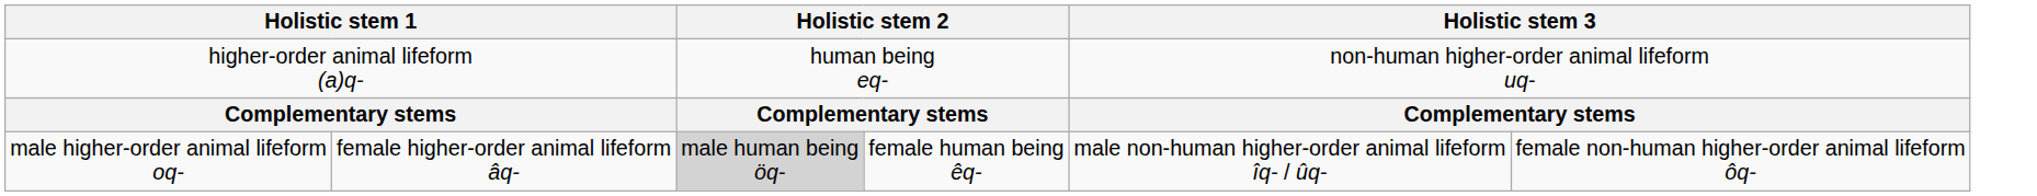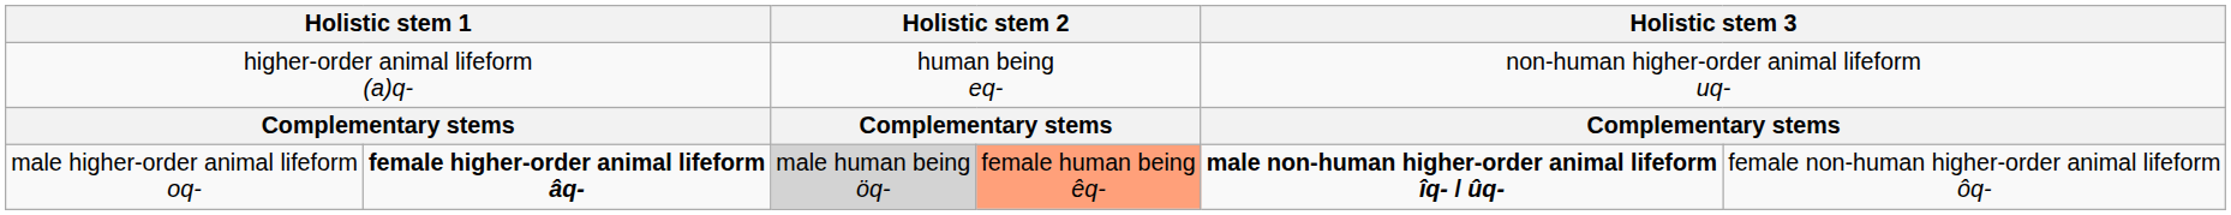 <table class="wikitable" style="text-align:center">
 <tr>
 <th colspan="2">Holistic stem 1</th>
 <th colspan="2">Holistic stem 2</th>
 <th colspan="2">Holistic stem 3</th>
 </tr>
 <tr>
 <td colspan="2">higher-order animal lifeform<br><em>(a)q-</em></td>
 <td colspan="2">human being<br><em>eq-</em></td>
 <td colspan="2">non-human higher-order animal lifeform<br><em>uq-</em></td>
 </tr>
 <tr>
 <th colspan="2">Complementary stems</th>
 <th colspan="2">Complementary stems</th>
 <th colspan="2">Complementary stems</th>
 </tr>
 <tr>
 <td>male higher-order animal lifeform<br><em>oq-</em></td>
-<td>female higher-order animal lifeform<br><em>âq-</em></td>
+<td><strong>female higher-order animal lifeform<br><em>âq-</em></strong></td>
 <td style="background: lightgrey;">male human being<br><em>öq-</em></td>
-<td>female human being<br><em>êq-</em></td>
-<td>male non-human higher-order animal lifeform<br><em>îq-</em> / <em>ûq-</em></td>
+<td style="background: lightsalmon;">female human being<br><em>êq-</em></td>
+<td><strong>male non-human higher-order animal lifeform<br><em>îq-</em> / <em>ûq-</em></strong></td>
 <td>female non-human higher-order animal lifeform<br><em>ôq-</em></td>
 </tr>
 </table>
